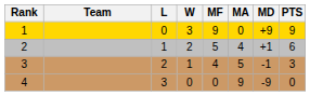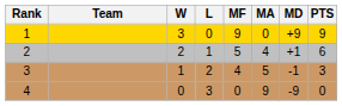 <table class="wikitable" style="text-align:center">
 <tr>
 <th width=50>Rank</th>
 <th width=150>Team</th>
+<th width=30>W</th>
 <th width=30>L</th>
-<th width=30>W</th>
 <th width=30>MF</th>
 <th width=30>MA</th>
 <th width=30>MD</th>
 <th width=30>PTS</th>
 </tr>
 <tr bgcolor=gold>
 <td>1</td>
 <td style="text-align:left;"></td>
+<td>3</td>
 <td>0</td>
-<td>3</td>
 <td>9</td>
 <td>0</td>
 <td>+9</td>
 <td>9</td>
 </tr>
 <tr bgcolor=silver>
 <td>2</td>
 <td style="text-align:left;"></td>
+<td>2</td>
 <td>1</td>
-<td>2</td>
 <td>5</td>
 <td>4</td>
 <td>+1</td>
 <td>6</td>
 </tr>
 <tr bgcolor=#cc9966>
 <td>3</td>
 <td style="text-align:left;"></td>
+<td>1</td>
 <td>2</td>
-<td>1</td>
 <td>4</td>
 <td>5</td>
 <td>-1</td>
 <td>3</td>
 </tr>
 <tr bgcolor=#cc9966>
 <td>4</td>
 <td style="text-align:left;"></td>
+<td>0</td>
 <td>3</td>
-<td>0</td>
 <td>0</td>
 <td>9</td>
 <td>-9</td>
 <td>0</td>
 </tr>
 </table>
